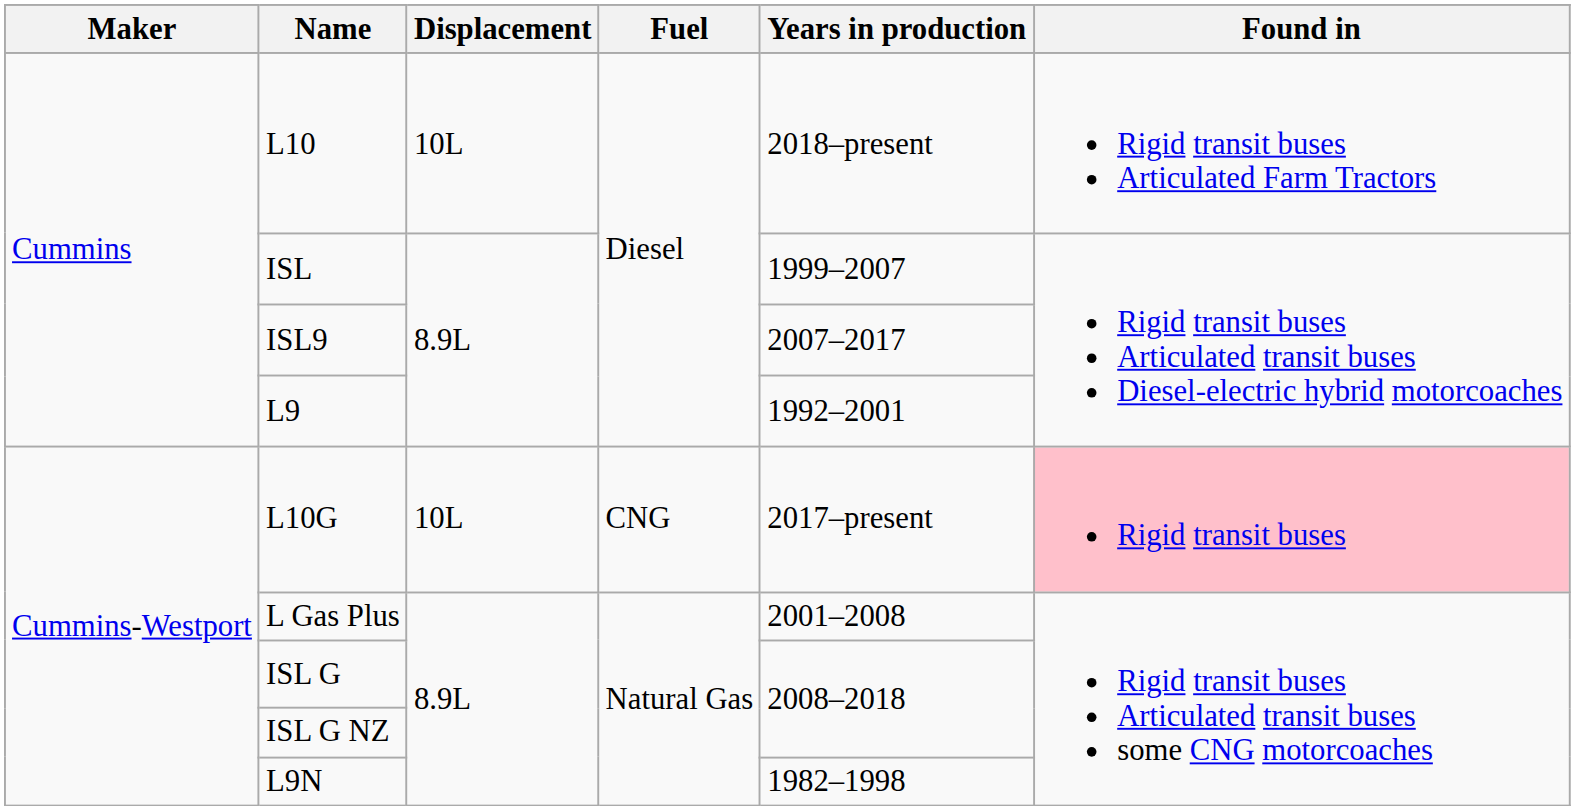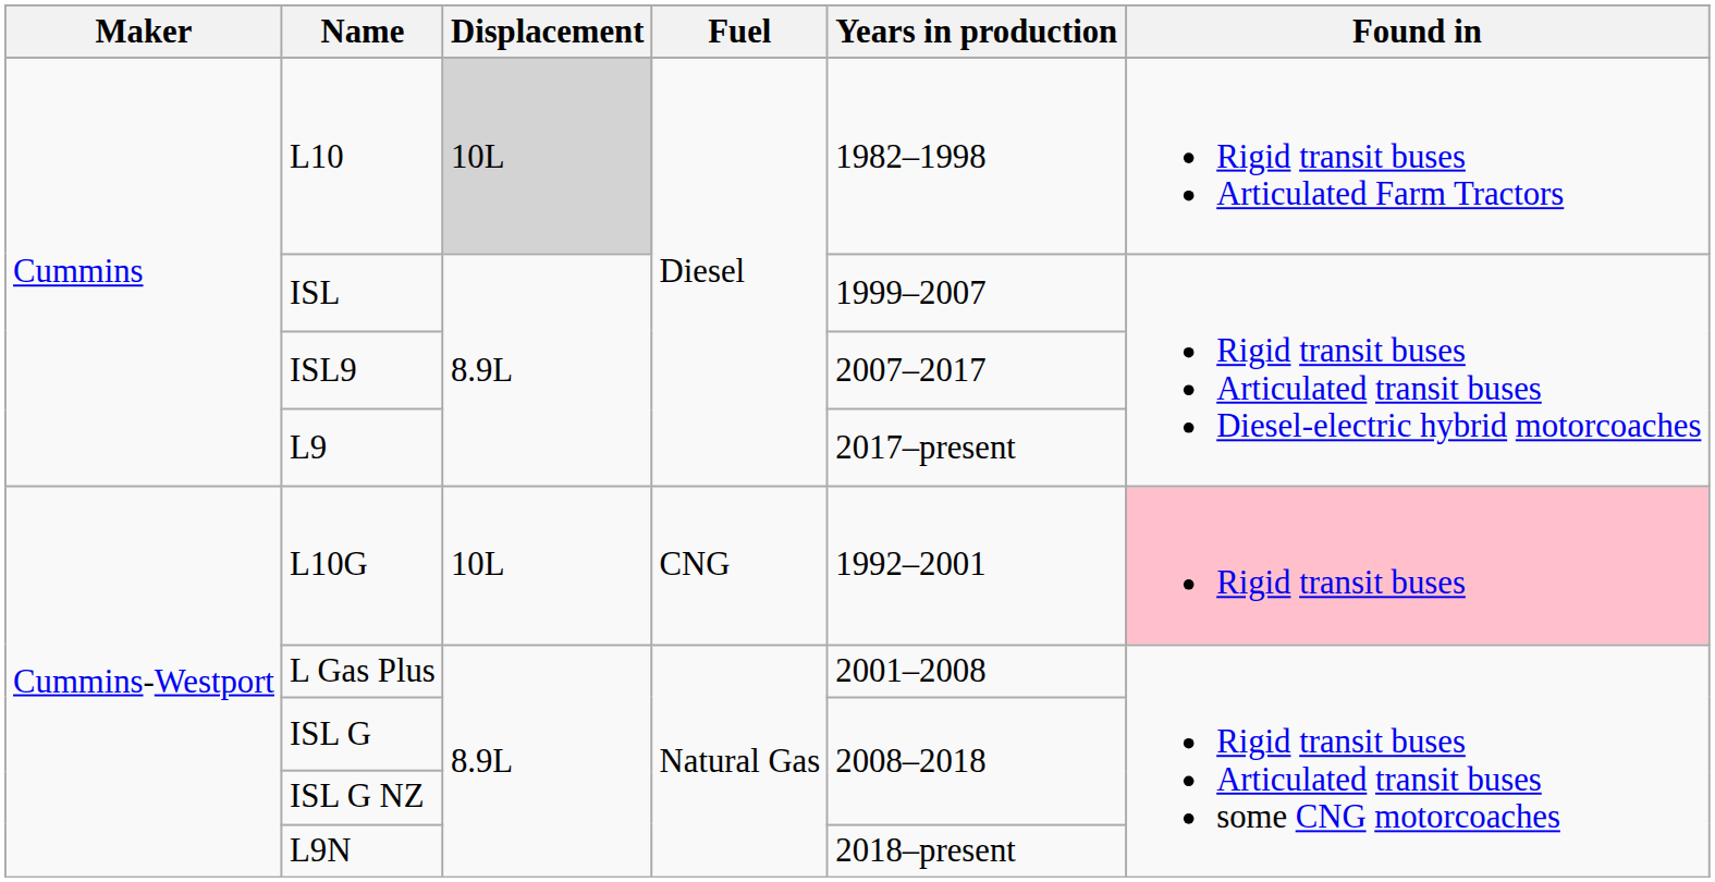 <table class="wikitable">
 <tr>
 <th>Maker</th>
 <th>Name</th>
 <th>Displacement</th>
 <th>Fuel</th>
 <th>Years in production</th>
 <th>Found in</th>
 </tr>
 <tr>
 <td rowspan="4"><a href='#'>Cummins</a></td>
 <td>L10</td>
-<td>10L</td>
+<td style="background: lightgrey;">10L</td>
 <td rowspan="4">Diesel</td>
-<td>2018–present</td>
+<td>1982–1998</td>
 <td><br><ul><li><a href='#'>Rigid</a> <a href='#'>transit buses</a></li><li><a href='#'>Articulated Farm Tractors</a></li></ul></td>
 </tr>
 <tr>
 <td>ISL</td>
 <td rowspan="3">8.9L</td>
 <td>1999–2007</td>
 <td rowspan="3"><br><ul><li><a href='#'>Rigid</a> <a href='#'>transit buses</a></li><li><a href='#'>Articulated</a> <a href='#'>transit buses</a></li><li><a href='#'>Diesel-electric hybrid</a> <a href='#'>motorcoaches</a></li></ul></td>
 </tr>
 <tr>
 <td>ISL9</td>
 <td>2007–2017</td>
 </tr>
 <tr>
 <td>L9</td>
-<td>1992–2001</td>
+<td>2017–present</td>
 </tr>
 <tr>
 <td rowspan="5"><a href='#'>Cummins</a>-<a href='#'>Westport</a></td>
 <td>L10G</td>
 <td>10L</td>
 <td>CNG</td>
-<td>2017–present</td>
+<td>1992–2001</td>
 <td style="background: pink;"><br><ul><li><a href='#'>Rigid</a> <a href='#'>transit buses</a></li></ul></td>
 </tr>
 <tr>
 <td>L Gas Plus</td>
 <td rowspan="4">8.9L</td>
 <td rowspan="4">Natural Gas</td>
 <td>2001–2008</td>
 <td rowspan="4"><br><ul><li><a href='#'>Rigid</a> <a href='#'>transit buses</a></li><li><a href='#'>Articulated</a> <a href='#'>transit buses</a></li><li>some <a href='#'>CNG</a> <a href='#'>motorcoaches</a></li></ul></td>
 </tr>
 <tr>
 <td>ISL G</td>
 <td rowspan="2">2008–2018</td>
 </tr>
 <tr>
 <td>ISL G NZ</td>
 </tr>
 <tr>
 <td>L9N</td>
-<td>1982–1998</td>
+<td>2018–present</td>
 </tr>
 </table>
